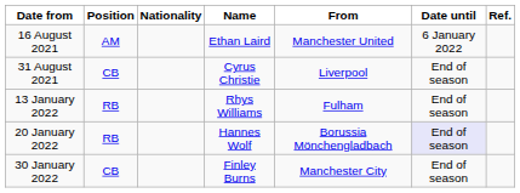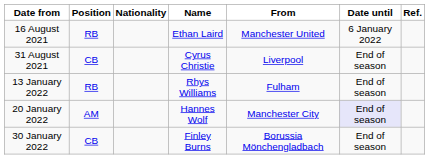 <table class="wikitable"  style="text-align:center; font-size:90%; ">
 <tr>
 <th style="background: white; color:black; ">Date from</th>
 <th style="background: white; color:black; ">Position</th>
 <th style="background: white; color:black; ">Nationality</th>
 <th style="background: white; color:black; ">Name</th>
 <th style="background: white; color:black; ">From</th>
 <th style="background: white; color:black; ">Date until</th>
 <th style="background: white; color:black; ">Ref.</th>
 </tr>
 <tr>
 <td>16 August 2021</td>
-<td><a href='#'>AM</a></td>
+<td><a href='#'>RB</a></td>
 <td></td>
 <td><a href='#'>Ethan Laird</a></td>
 <td> <a href='#'>Manchester United</a></td>
 <td>6 January 2022</td>
 <td></td>
 </tr>
 <tr>
 <td>31 August 2021</td>
 <td><a href='#'>CB</a></td>
 <td></td>
 <td><a href='#'>Cyrus Christie</a></td>
 <td> <a href='#'>Liverpool</a></td>
 <td>End of season</td>
 <td></td>
 </tr>
 <tr>
 <td>13 January 2022</td>
 <td><a href='#'>RB</a></td>
 <td></td>
 <td><a href='#'>Rhys Williams</a></td>
 <td> <a href='#'>Fulham</a></td>
 <td>End of season</td>
 <td></td>
 </tr>
 <tr>
 <td>20 January 2022</td>
-<td><a href='#'>RB</a></td>
+<td><a href='#'>AM</a></td>
 <td></td>
 <td><a href='#'>Hannes Wolf</a></td>
-<td> <a href='#'>Borussia Mönchengladbach</a></td>
+<td> <a href='#'>Manchester City</a></td>
 <td style="background: lavender;">End of season</td>
 <td></td>
 </tr>
 <tr>
 <td>30 January 2022</td>
 <td><a href='#'>CB</a></td>
 <td></td>
 <td><a href='#'>Finley Burns</a></td>
-<td> <a href='#'>Manchester City</a></td>
+<td> <a href='#'>Borussia Mönchengladbach</a></td>
 <td>End of season</td>
 <td></td>
 </tr>
 </table>
